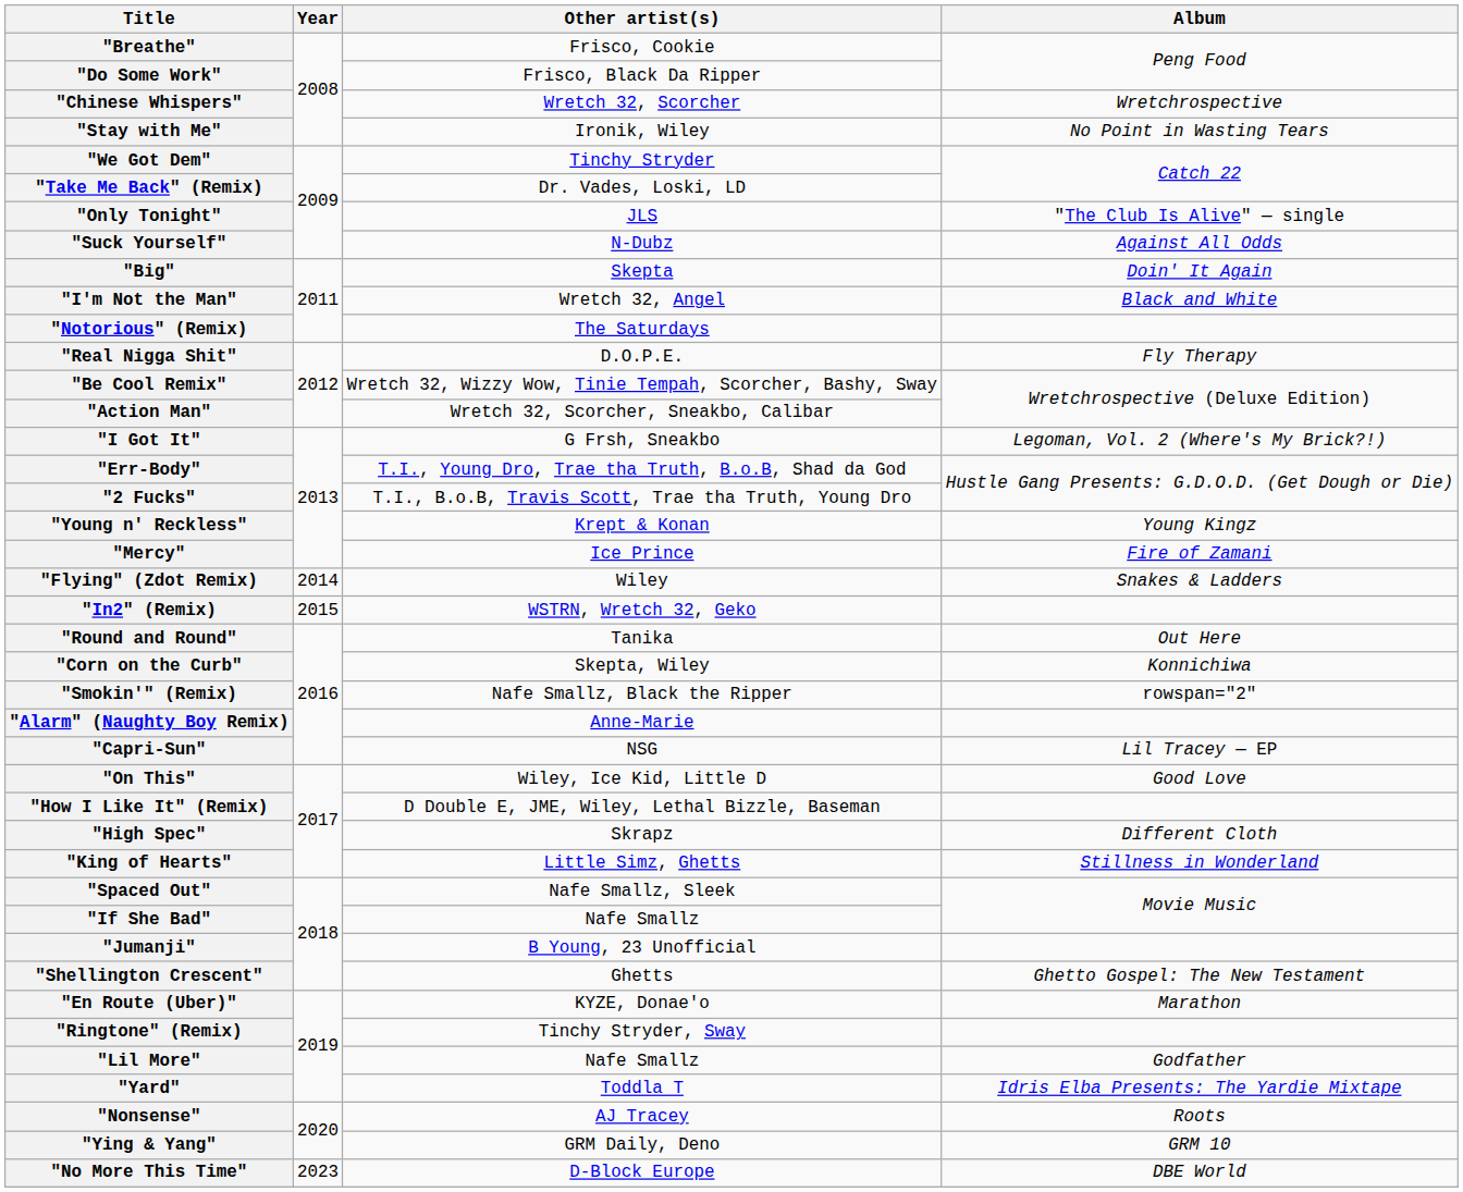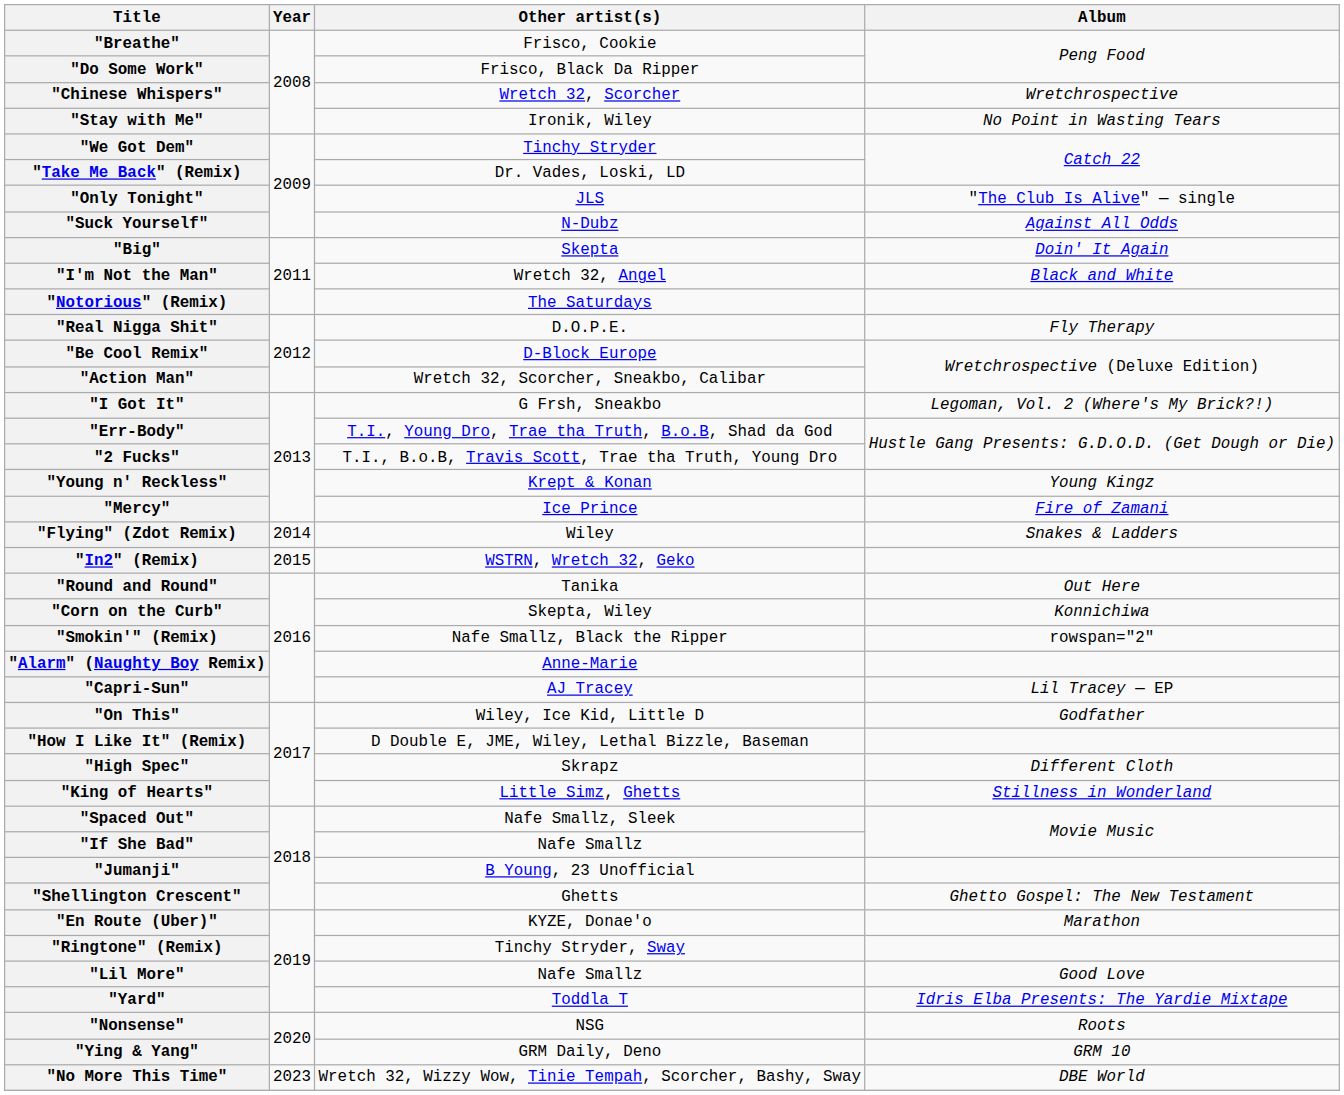 <table class="wikitable plainrowheaders" style="text-align:center;" border="1">
 <tr>
 <th scope="col">Title</th>
 <th scope="col">Year</th>
 <th scope="col">Other artist(s)</th>
 <th scope="col">Album</th>
 </tr>
 <tr>
 <th scope="row">"Breathe"</th>
 <td rowspan="4">2008</td>
 <td>Frisco, Cookie</td>
 <td rowspan="2"><em>Peng Food</em></td>
 </tr>
 <tr>
 <th scope="row">"Do Some Work"</th>
 <td>Frisco, Black Da Ripper</td>
 </tr>
 <tr>
 <th scope="row">"Chinese Whispers"</th>
 <td><a href='#'>Wretch 32</a>, <a href='#'>Scorcher</a></td>
 <td><em>Wretchrospective</em></td>
 </tr>
 <tr>
 <th scope="row">"Stay with Me"</th>
 <td>Ironik, Wiley</td>
 <td><em>No Point in Wasting Tears</em></td>
 </tr>
 <tr>
 <th scope="row">"We Got Dem"</th>
 <td rowspan="4">2009</td>
 <td><a href='#'>Tinchy Stryder</a></td>
 <td rowspan="2"><em><a href='#'>Catch 22</a></em></td>
 </tr>
 <tr>
 <th scope="row">"<a href='#'>Take Me Back</a>" (Remix)</th>
 <td>Dr. Vades, Loski, LD</td>
 </tr>
 <tr>
 <th scope="row">"Only Tonight"</th>
 <td><a href='#'>JLS</a></td>
 <td>"<a href='#'>The Club Is Alive</a>" — single</td>
 </tr>
 <tr>
 <th scope="row">"Suck Yourself"</th>
 <td><a href='#'>N-Dubz</a></td>
 <td><em><a href='#'>Against All Odds</a></em></td>
 </tr>
 <tr>
 <th scope="row">"Big"</th>
 <td rowspan="3">2011</td>
 <td><a href='#'>Skepta</a></td>
 <td><em><a href='#'>Doin' It Again</a></em></td>
 </tr>
 <tr>
 <th scope="row">"I'm Not the Man"</th>
 <td>Wretch 32, <a href='#'>Angel</a></td>
 <td><em><a href='#'>Black and White</a></em></td>
 </tr>
 <tr>
 <th scope="row">"<a href='#'>Notorious</a>" (Remix)</th>
 <td><a href='#'>The Saturdays</a></td>
 <td></td>
 </tr>
 <tr>
 <th scope="row">"Real Nigga Shit"</th>
 <td rowspan="3">2012</td>
 <td>D.O.P.E.</td>
 <td><em>Fly Therapy</em></td>
 </tr>
 <tr>
 <th scope="row">"Be Cool Remix"</th>
-<td>Wretch 32, Wizzy Wow, <a href='#'>Tinie Tempah</a>, Scorcher, Bashy, Sway</td>
+<td><a href='#'>D-Block Europe</a></td>
 <td rowspan="2"><em>Wretchrospective</em> (Deluxe Edition)</td>
 </tr>
 <tr>
 <th scope="row">"Action Man"</th>
 <td>Wretch 32, Scorcher, Sneakbo, Calibar</td>
 </tr>
 <tr>
 <th scope="row">"I Got It"</th>
 <td rowspan="5">2013</td>
 <td>G Frsh, Sneakbo</td>
 <td><em>Legoman, Vol. 2 (Where's My Brick?!)</em></td>
 </tr>
 <tr>
 <th scope="row">"Err-Body"</th>
 <td><a href='#'>T.I.</a>, <a href='#'>Young Dro</a>, <a href='#'>Trae tha Truth</a>, <a href='#'>B.o.B</a>, Shad da God</td>
 <td rowspan="2"><em>Hustle Gang Presents: G.D.O.D. (Get Dough or Die)</em></td>
 </tr>
 <tr>
 <th scope="row">"2 Fucks"</th>
 <td>T.I., B.o.B, <a href='#'>Travis Scott</a>, Trae tha Truth, Young Dro</td>
 </tr>
 <tr>
 <th scope="row">"Young n' Reckless"</th>
 <td><a href='#'>Krept & Konan</a></td>
 <td><em>Young Kingz</em></td>
 </tr>
 <tr>
 <th scope="row">"Mercy"</th>
 <td><a href='#'>Ice Prince</a></td>
 <td><em><a href='#'>Fire of Zamani</a></em></td>
 </tr>
 <tr>
 <th scope="row">"Flying" (Zdot Remix)</th>
 <td>2014</td>
 <td>Wiley</td>
 <td><em>Snakes & Ladders</em></td>
 </tr>
 <tr>
 <th scope="row">"<a href='#'>In2</a>" (Remix)</th>
 <td>2015</td>
 <td><a href='#'>WSTRN</a>, <a href='#'>Wretch 32</a>, <a href='#'>Geko</a></td>
 <td></td>
 </tr>
 <tr>
 <th scope="row">"Round and Round"</th>
 <td rowspan="5">2016</td>
 <td>Tanika</td>
 <td><em>Out Here</em></td>
 </tr>
 <tr>
 <th scope="row">"Corn on the Curb"</th>
 <td>Skepta, Wiley</td>
 <td><em>Konnichiwa</em></td>
 </tr>
 <tr>
 <th scope="row">"Smokin'" (Remix)</th>
 <td>Nafe Smallz, Black the Ripper</td>
 <td>rowspan="2" </td>
 </tr>
 <tr>
 <th scope="row">"<a href='#'>Alarm</a>" (<a href='#'>Naughty Boy</a> Remix)</th>
 <td><a href='#'>Anne-Marie</a></td>
 </tr>
 <tr>
 <th scope="row">"Capri-Sun"</th>
-<td>NSG</td>
+<td><a href='#'>AJ Tracey</a></td>
 <td><em>Lil Tracey</em> — EP</td>
 </tr>
 <tr>
 <th scope="row">"On This"</th>
 <td rowspan="4">2017</td>
 <td>Wiley, Ice Kid, Little D</td>
-<td><em>Good Love</em></td>
+<td><em>Godfather</em></td>
 </tr>
 <tr>
 <th scope="row">"How I Like It" (Remix)</th>
 <td>D Double E, JME, Wiley, Lethal Bizzle, Baseman</td>
 <td></td>
 </tr>
 <tr>
 <th scope="row">"High Spec"</th>
 <td>Skrapz</td>
 <td><em>Different Cloth</em></td>
 </tr>
 <tr>
 <th scope="row">"King of Hearts"</th>
 <td><a href='#'>Little Simz</a>, <a href='#'>Ghetts</a></td>
 <td><em><a href='#'>Stillness in Wonderland</a></em></td>
 </tr>
 <tr>
 <th scope="row">"Spaced Out"</th>
 <td rowspan="4">2018</td>
 <td>Nafe Smallz, Sleek</td>
 <td rowspan="2"><em>Movie Music</em></td>
 </tr>
 <tr>
 <th scope="row">"If She Bad"</th>
 <td>Nafe Smallz</td>
 </tr>
 <tr>
 <th scope="row">"Jumanji"</th>
 <td><a href='#'>B Young</a>, 23 Unofficial</td>
 <td></td>
 </tr>
 <tr>
 <th scope="row">"Shellington Crescent"</th>
 <td>Ghetts</td>
 <td><em>Ghetto Gospel: The New Testament</em></td>
 </tr>
 <tr>
 <th scope="row">"En Route (Uber)"</th>
 <td rowspan="4">2019</td>
 <td>KYZE, Donae'o</td>
 <td><em>Marathon</em></td>
 </tr>
 <tr>
 <th scope="row">"Ringtone" (Remix)</th>
 <td>Tinchy Stryder, <a href='#'>Sway</a></td>
 <td></td>
 </tr>
 <tr>
 <th scope="row">"Lil More"</th>
 <td>Nafe Smallz</td>
-<td><em>Godfather</em></td>
+<td><em>Good Love</em></td>
 </tr>
 <tr>
 <th scope="row">"Yard"</th>
 <td><a href='#'>Toddla T</a></td>
 <td><em><a href='#'>Idris Elba Presents: The Yardie Mixtape</a></em></td>
 </tr>
 <tr>
 <th scope="row">"Nonsense"</th>
 <td rowspan="2">2020</td>
-<td><a href='#'>AJ Tracey</a></td>
+<td>NSG</td>
 <td><em>Roots</em></td>
 </tr>
 <tr>
 <th scope="row">"Ying & Yang"</th>
 <td>GRM Daily, Deno</td>
 <td><em>GRM 10</em></td>
 </tr>
 <tr>
 <th scope="row">"No More This Time"</th>
 <td rowspan="1">2023</td>
-<td><a href='#'>D-Block Europe</a></td>
+<td>Wretch 32, Wizzy Wow, <a href='#'>Tinie Tempah</a>, Scorcher, Bashy, Sway</td>
 <td><em>DBE World</em></td>
 </tr>
 <tr>
 </tr>
 </table>
